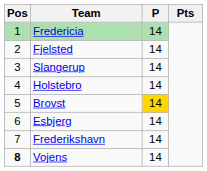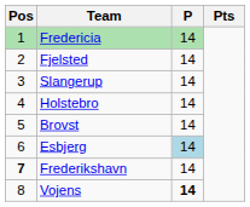 <table class="wikitable" style="font-size: 100%">
 <tr>
 <th width=20>Pos</th>
 <th width=150>Team</th>
 <th width=30>P</th>
 <th width=40>Pts</th>
 </tr>
 <tr align=center style="background:#ACE1AF;">
 <td>1</td>
 <td align="left"><a href='#'>Fredericia</a></td>
 <td>14</td>
 </tr>
 <tr align=center>
 <td>2</td>
 <td align="left"><a href='#'>Fjelsted</a></td>
 <td>14</td>
 </tr>
 <tr align=center>
 <td>3</td>
 <td align="left"><a href='#'>Slangerup</a></td>
 <td>14</td>
 </tr>
 <tr align=center>
 <td>4</td>
 <td align="left"><a href='#'>Holstebro</a></td>
 <td>14</td>
 </tr>
 <tr align=center>
 <td>5</td>
 <td align="left"><a href='#'>Brovst</a></td>
-<td style="background: gold;">14</td>
+<td>14</td>
 </tr>
 <tr align=center>
 <td>6</td>
 <td align="left"><a href='#'>Esbjerg</a></td>
-<td>14</td>
+<td style="background: lightblue;">14</td>
 </tr>
 <tr align=center>
-<td>7</td>
+<td><strong>7</strong></td>
 <td align="left"><a href='#'>Frederikshavn</a></td>
 <td>14</td>
 </tr>
 <tr align=center>
-<td><strong>8</strong></td>
+<td>8</td>
 <td align="left"><a href='#'>Vojens</a></td>
-<td>14</td>
+<td><strong>14</strong></td>
 </tr>
 </table>
